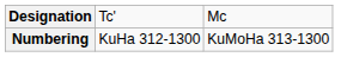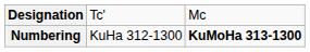 <table class="wikitable">
 <tr>
 <th>Designation</th>
 <td>Tc'</td>
 <td>Mc</td>
 </tr>
 <tr>
 <th>Numbering</th>
 <td>KuHa 312-1300</td>
-<td>KuMoHa 313-1300</td>
+<td><strong>KuMoHa 313-1300</strong></td>
 </tr>
 </table>
